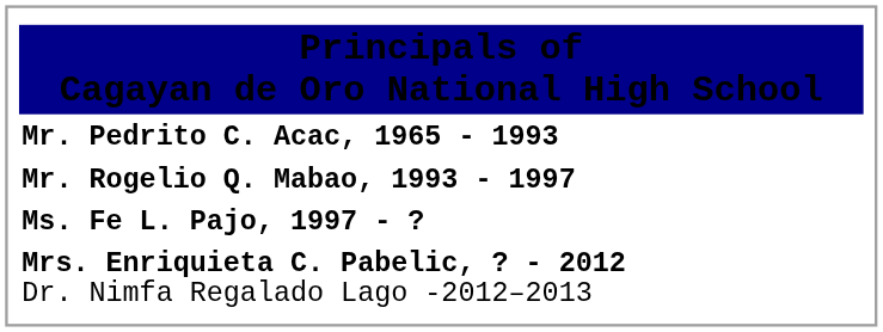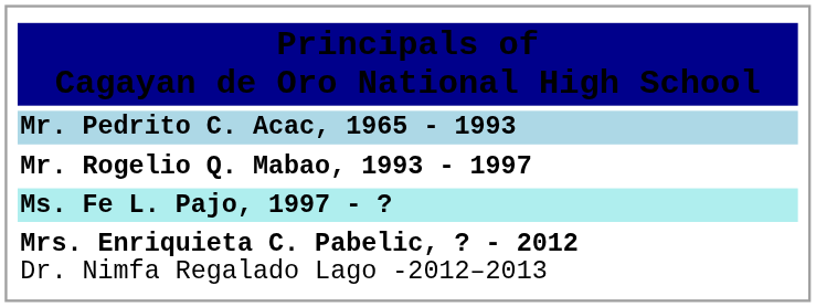 <table style="float:right; margin:1em 1em 1em 1em; width:24em; border: 1px solid #a0a0a0; padding: 2px; bg-color=yellow; text-align:right;">
 <tr style="text-align:center;">
 </tr>
 <tr bgcolor="darkblue" align="center">
 <td><span><strong>Principals of <br>Cagayan de Oro National High School</strong></span></td>
 </tr>
 <tr style="text-align:left; font-size:x-small;">
-<td><strong>Mr. Pedrito C. Acac, 1965 - 1993</strong></td>
+<td style="background: lightblue;"><strong>Mr. Pedrito C. Acac, 1965 - 1993</strong></td>
 </tr>
 <tr style="text-align:left; font-size:x-small;">
 <td><strong>Mr. Rogelio Q. Mabao, 1993 - 1997</strong></td>
 </tr>
 <tr style="text-align:left; font-size:x-small;">
-<td><strong>Ms. Fe L. Pajo, 1997 - ?</strong></td>
+<td style="background: paleturquoise;"><strong>Ms. Fe L. Pajo, 1997 - ?</strong></td>
 </tr>
 <tr style="text-align:left; font-size:x-small;">
 <td><strong>Mrs. Enriquieta C. Pabelic, ? - 2012</strong><br>Dr. Nimfa Regalado Lago -2012–2013</td>
 </tr>
 </table>
